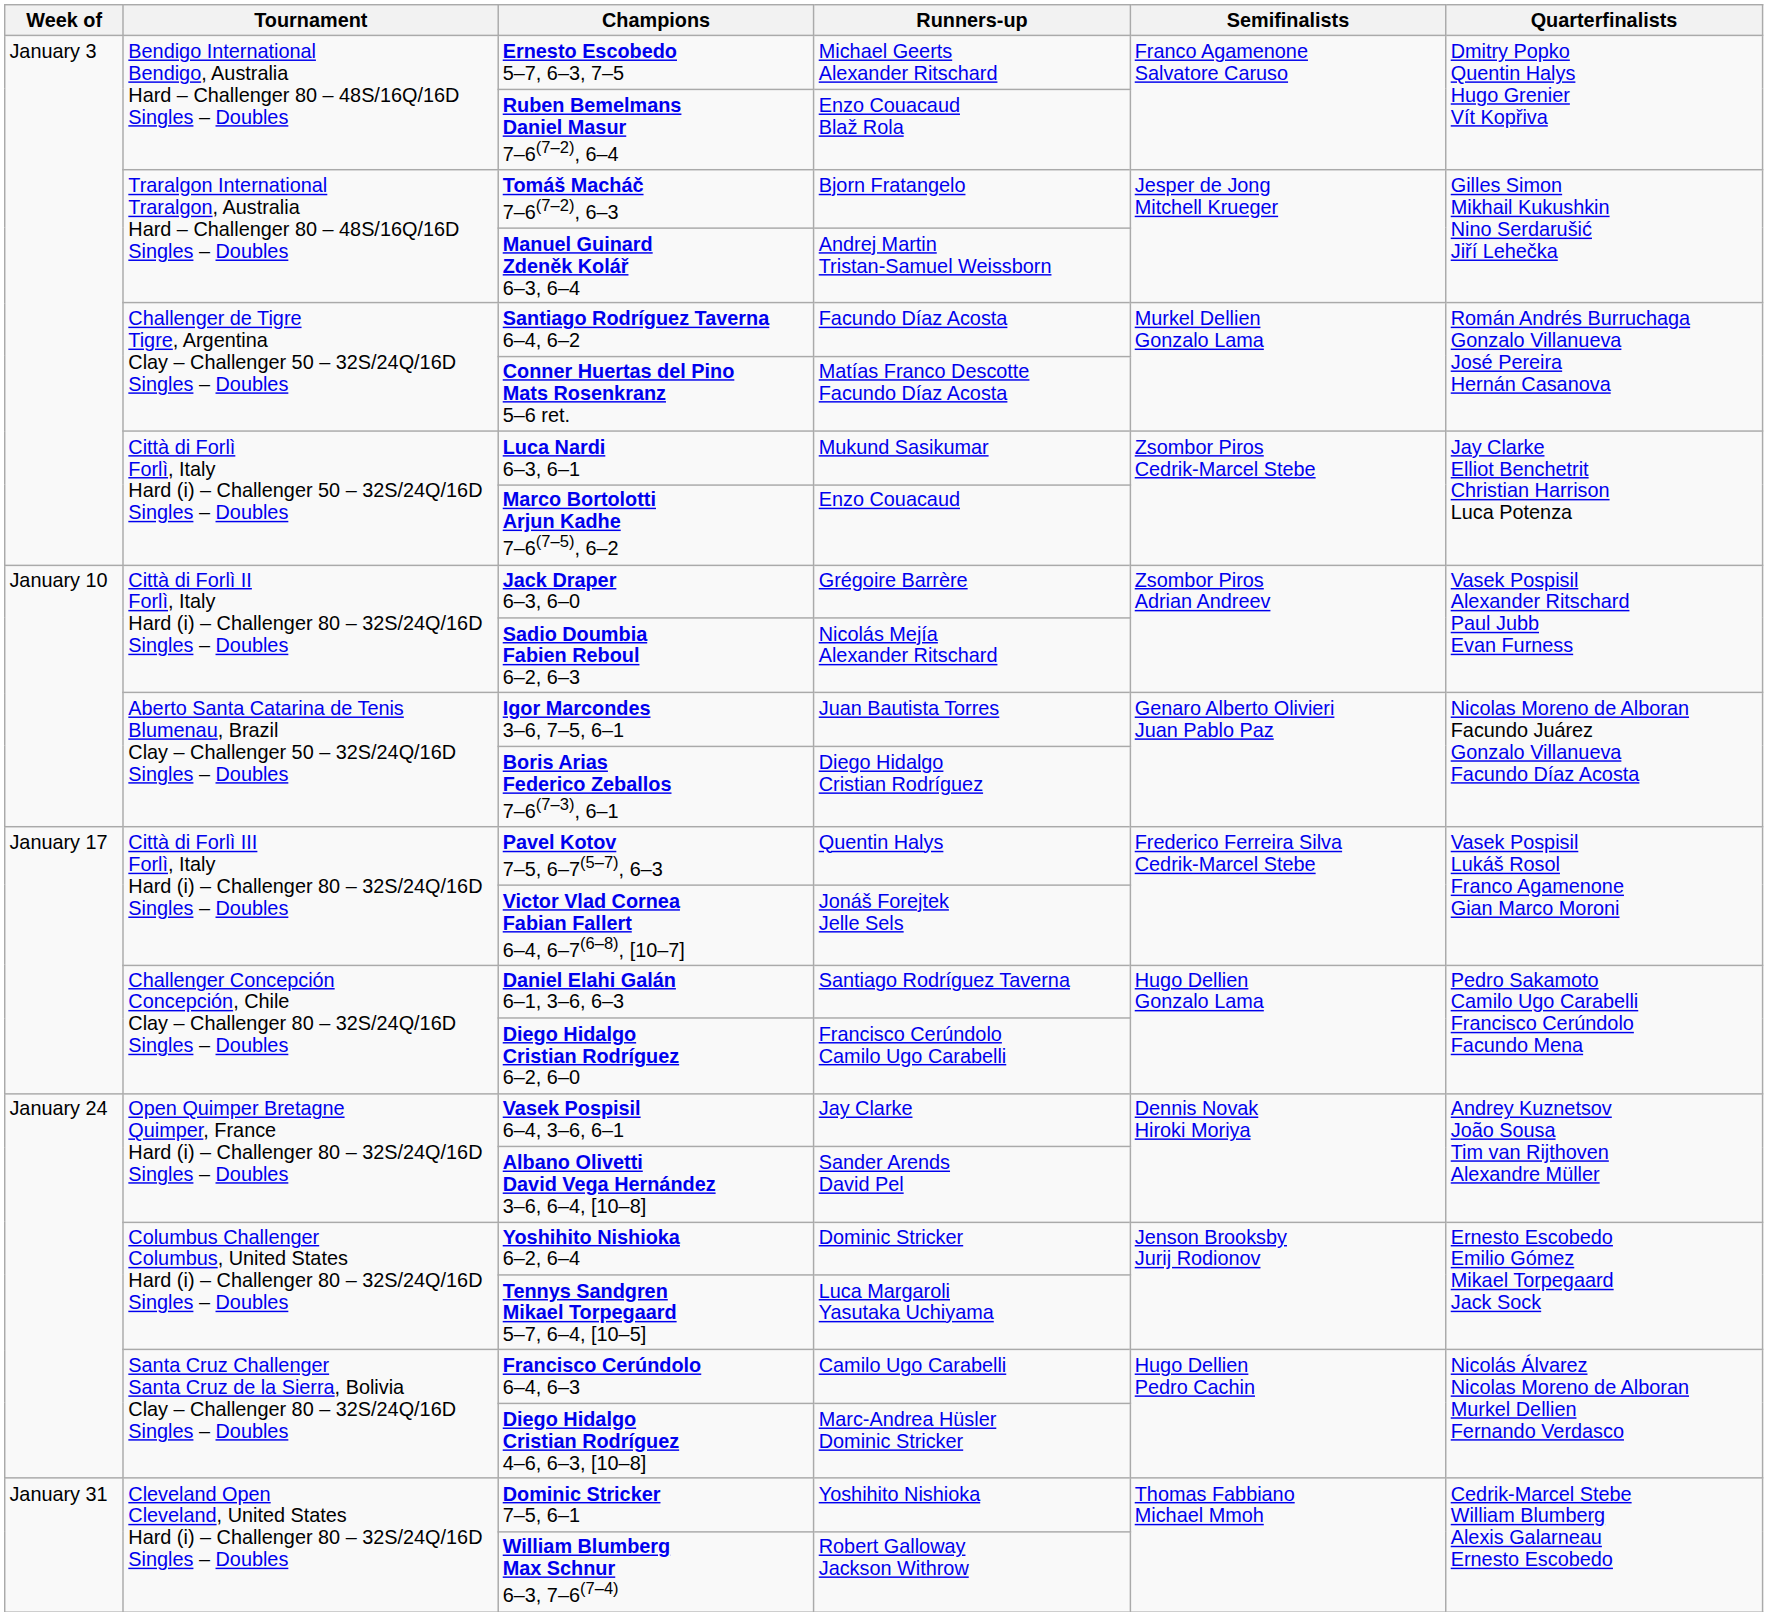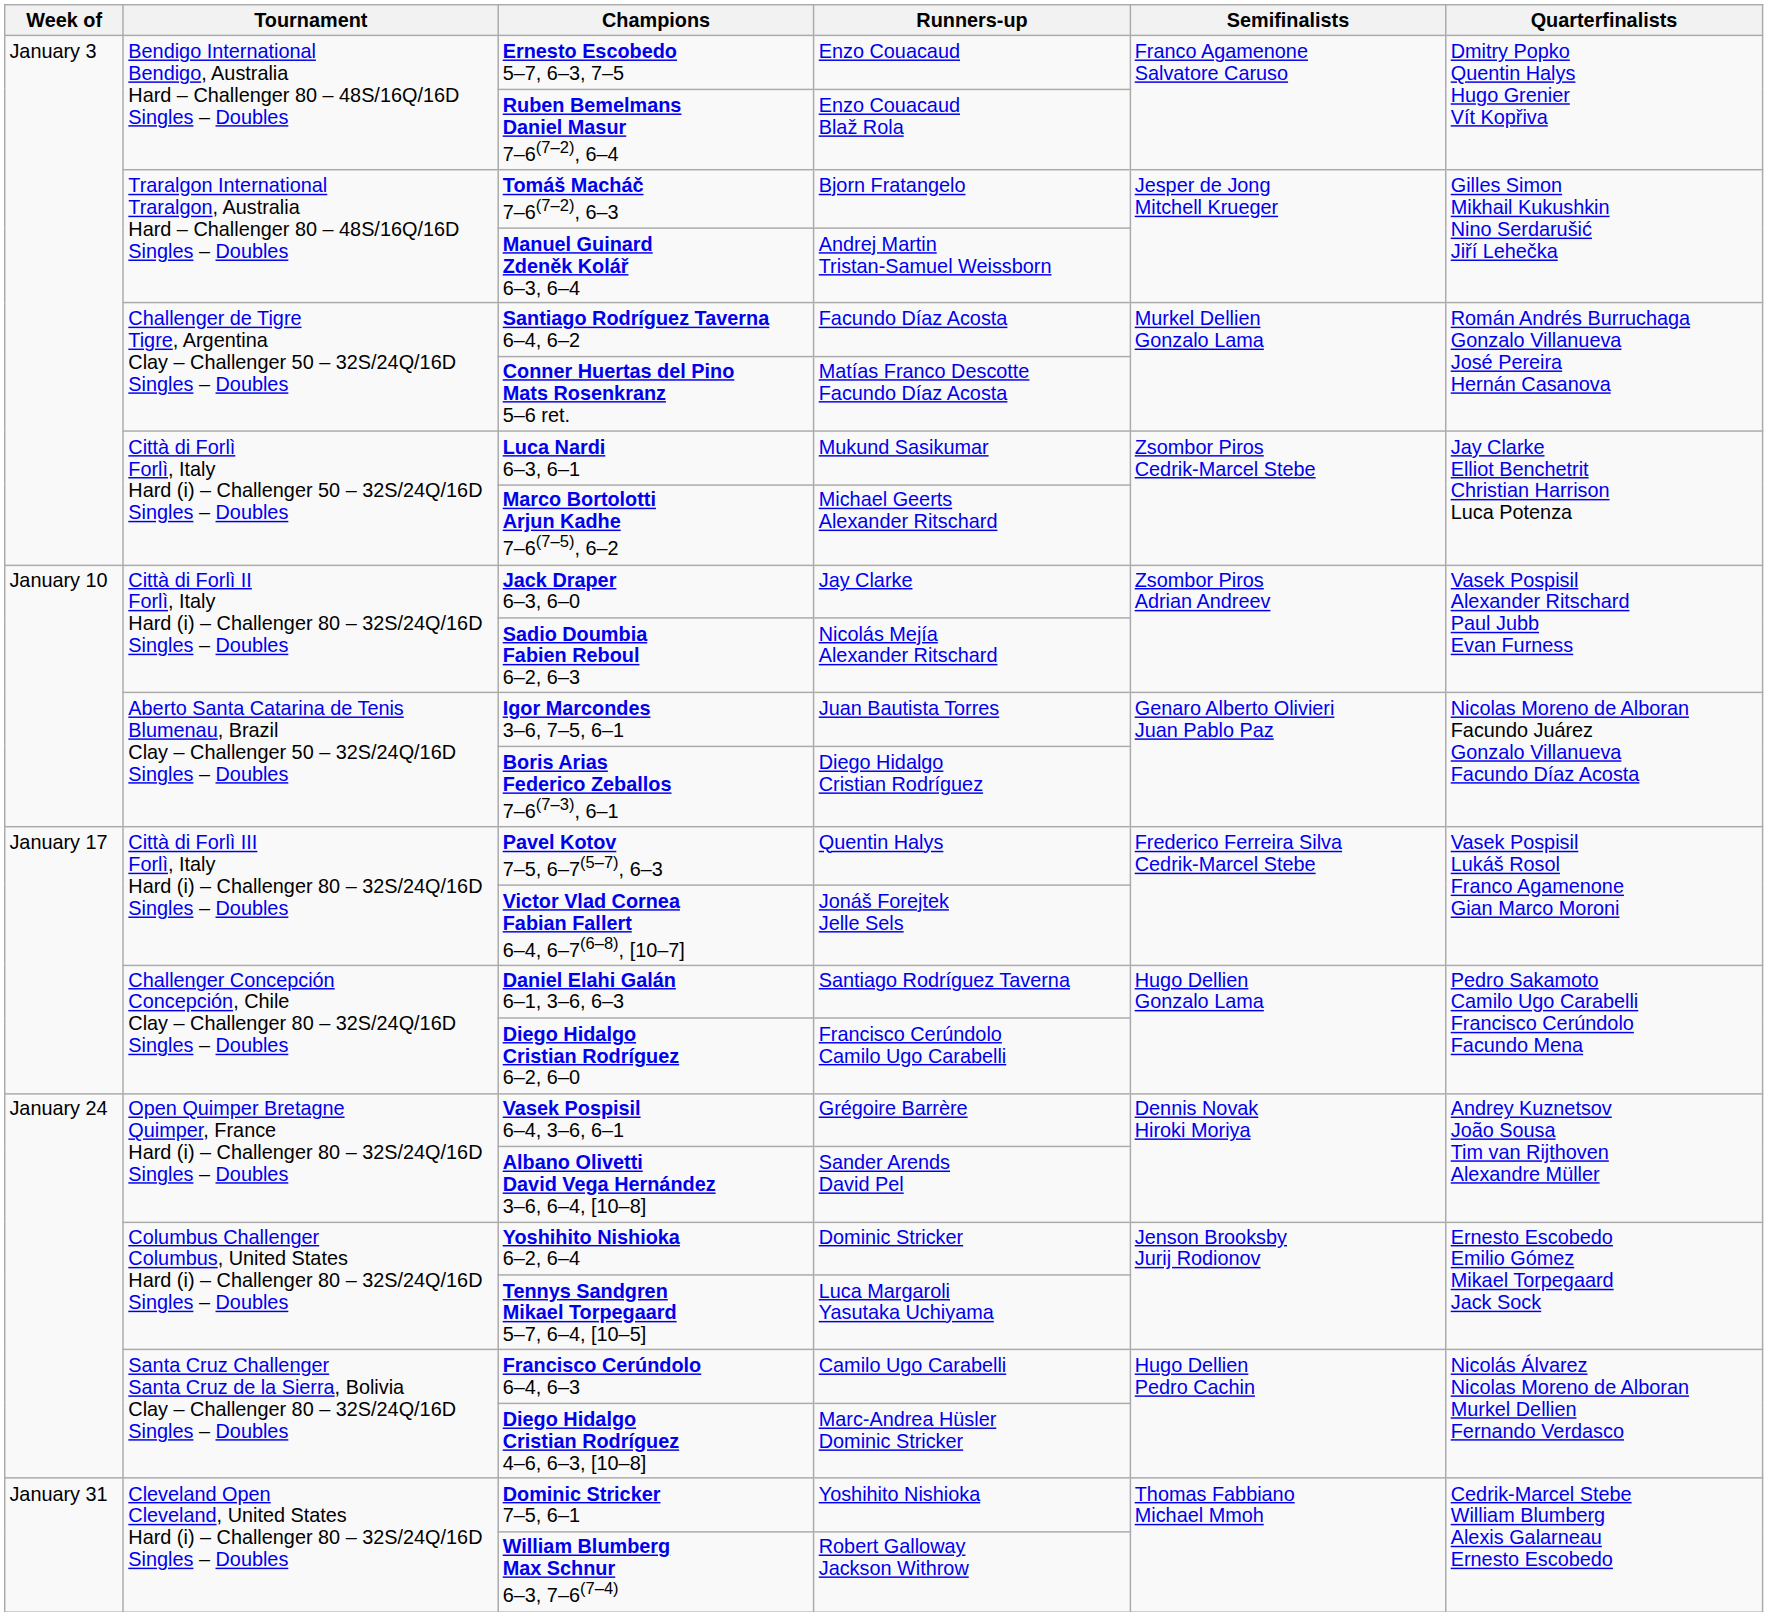 <table class="wikitable" style="font-size:85%;">
 <tr>
 <th width=75>Week of</th>
 <th width=250>Tournament</th>
 <th width=210>Champions</th>
 <th width=210>Runners-up</th>
 <th width=210>Semifinalists</th>
 <th width=210>Quarterfinalists</th>
 </tr>
 <tr valign=top>
 <td rowspan=8>January 3</td>
 <td rowspan=2><a href='#'>Bendigo International</a><br><a href='#'>Bendigo</a>, Australia <br> Hard – Challenger 80 – 48S/16Q/16D<br><a href='#'>Singles</a> – <a href='#'>Doubles</a></td>
 <td> <strong><a href='#'>Ernesto Escobedo</a></strong><br>5–7, 6–3, 7–5</td>
-<td> <a href='#'>Michael Geerts</a><br> <a href='#'>Alexander Ritschard</a></td>
+<td> <a href='#'>Enzo Couacaud</a></td>
 <td rowspan=2> <a href='#'>Franco Agamenone</a> <br>  <a href='#'>Salvatore Caruso</a></td>
 <td rowspan=2> <a href='#'>Dmitry Popko</a> <br> <a href='#'>Quentin Halys</a> <br> <a href='#'>Hugo Grenier</a> <br>  <a href='#'>Vít Kopřiva</a></td>
 </tr>
 <tr valign=top>
 <td> <strong><a href='#'>Ruben Bemelmans</a></strong><br> <strong><a href='#'>Daniel Masur</a></strong><br>7–6<sup>(7–2)</sup>, 6–4</td>
 <td> <a href='#'>Enzo Couacaud</a><br> <a href='#'>Blaž Rola</a></td>
 </tr>
 <tr valign=top>
 <td rowspan=2><a href='#'>Traralgon International</a><br><a href='#'>Traralgon</a>, Australia <br> Hard – Challenger 80 – 48S/16Q/16D<br><a href='#'>Singles</a> – <a href='#'>Doubles</a></td>
 <td> <strong><a href='#'>Tomáš Macháč</a></strong><br>7–6<sup>(7–2)</sup>, 6–3</td>
 <td> <a href='#'>Bjorn Fratangelo</a></td>
 <td rowspan=2> <a href='#'>Jesper de Jong</a> <br>  <a href='#'>Mitchell Krueger</a></td>
 <td rowspan=2> <a href='#'>Gilles Simon</a> <br> <a href='#'>Mikhail Kukushkin</a> <br> <a href='#'>Nino Serdarušić</a> <br>  <a href='#'>Jiří Lehečka</a></td>
 </tr>
 <tr valign=top>
 <td> <strong><a href='#'>Manuel Guinard</a></strong><br> <strong><a href='#'>Zdeněk Kolář</a></strong><br>6–3, 6–4</td>
 <td> <a href='#'>Andrej Martin</a><br> <a href='#'>Tristan-Samuel Weissborn</a></td>
 </tr>
 <tr valign=top>
 <td rowspan=2><a href='#'>Challenger de Tigre</a><br><a href='#'>Tigre</a>, Argentina <br> Clay – Challenger 50 – 32S/24Q/16D<br><a href='#'>Singles</a> – <a href='#'>Doubles</a></td>
 <td> <strong><a href='#'>Santiago Rodríguez Taverna</a></strong><br>6–4, 6–2</td>
 <td> <a href='#'>Facundo Díaz Acosta</a></td>
 <td rowspan=2> <a href='#'>Murkel Dellien</a> <br>  <a href='#'>Gonzalo Lama</a></td>
 <td rowspan=2> <a href='#'>Román Andrés Burruchaga</a> <br> <a href='#'>Gonzalo Villanueva</a> <br> <a href='#'>José Pereira</a> <br>  <a href='#'>Hernán Casanova</a></td>
 </tr>
 <tr valign=top>
 <td> <strong><a href='#'>Conner Huertas del Pino</a></strong><br> <strong><a href='#'>Mats Rosenkranz</a></strong><br>5–6 ret.</td>
 <td> <a href='#'>Matías Franco Descotte</a><br> <a href='#'>Facundo Díaz Acosta</a></td>
 </tr>
 <tr valign=top>
 <td rowspan=2><a href='#'>Città di Forlì</a><br><a href='#'>Forlì</a>, Italy <br> Hard (i) – Challenger 50 – 32S/24Q/16D<br><a href='#'>Singles</a> – <a href='#'>Doubles</a></td>
 <td> <strong><a href='#'>Luca Nardi</a></strong><br>6–3, 6–1</td>
 <td> <a href='#'>Mukund Sasikumar</a></td>
 <td rowspan=2> <a href='#'>Zsombor Piros</a> <br>  <a href='#'>Cedrik-Marcel Stebe</a></td>
 <td rowspan=2> <a href='#'>Jay Clarke</a> <br> <a href='#'>Elliot Benchetrit</a> <br> <a href='#'>Christian Harrison</a> <br>  Luca Potenza</td>
 </tr>
 <tr valign=top>
 <td> <strong><a href='#'>Marco Bortolotti</a></strong><br> <strong><a href='#'>Arjun Kadhe</a></strong><br>7–6<sup>(7–5)</sup>, 6–2</td>
-<td> <a href='#'>Enzo Couacaud</a></td>
+<td> <a href='#'>Michael Geerts</a><br> <a href='#'>Alexander Ritschard</a></td>
 </tr>
 <tr valign=top>
 <td rowspan=4>January 10</td>
 <td rowspan=2><a href='#'>Città di Forlì II</a><br><a href='#'>Forlì</a>, Italy <br> Hard (i) – Challenger 80 – 32S/24Q/16D<br><a href='#'>Singles</a> – <a href='#'>Doubles</a></td>
 <td> <strong><a href='#'>Jack Draper</a></strong><br>6–3, 6–0</td>
-<td> <a href='#'>Grégoire Barrère</a></td>
+<td> <a href='#'>Jay Clarke</a></td>
 <td rowspan=2> <a href='#'>Zsombor Piros</a> <br>  <a href='#'>Adrian Andreev</a></td>
 <td rowspan=2> <a href='#'>Vasek Pospisil</a> <br> <a href='#'>Alexander Ritschard</a> <br> <a href='#'>Paul Jubb</a> <br>  <a href='#'>Evan Furness</a></td>
 </tr>
 <tr valign=top>
 <td> <strong><a href='#'>Sadio Doumbia</a></strong><br> <strong><a href='#'>Fabien Reboul</a></strong><br>6–2, 6–3</td>
 <td> <a href='#'>Nicolás Mejía</a><br> <a href='#'>Alexander Ritschard</a></td>
 </tr>
 <tr valign=top>
 <td rowspan=2><a href='#'>Aberto Santa Catarina de Tenis</a><br><a href='#'>Blumenau</a>, Brazil <br> Clay – Challenger 50 – 32S/24Q/16D<br><a href='#'>Singles</a> – <a href='#'>Doubles</a></td>
 <td> <strong><a href='#'>Igor Marcondes</a></strong><br>3–6, 7–5, 6–1</td>
 <td> <a href='#'>Juan Bautista Torres</a></td>
 <td rowspan=2> <a href='#'>Genaro Alberto Olivieri</a> <br>  <a href='#'>Juan Pablo Paz</a></td>
 <td rowspan=2> <a href='#'>Nicolas Moreno de Alboran</a> <br>  Facundo Juárez <br> <a href='#'>Gonzalo Villanueva</a> <br>  <a href='#'>Facundo Díaz Acosta</a></td>
 </tr>
 <tr valign=top>
 <td> <strong><a href='#'>Boris Arias</a></strong><br> <strong><a href='#'>Federico Zeballos</a></strong><br>7–6<sup>(7–3)</sup>, 6–1</td>
 <td> <a href='#'>Diego Hidalgo</a><br> <a href='#'>Cristian Rodríguez</a></td>
 </tr>
 <tr valign=top>
 <td rowspan=4>January 17</td>
 <td rowspan=2><a href='#'>Città di Forlì III</a><br><a href='#'>Forlì</a>, Italy <br> Hard (i) – Challenger 80 – 32S/24Q/16D<br><a href='#'>Singles</a> – <a href='#'>Doubles</a></td>
 <td> <strong><a href='#'>Pavel Kotov</a></strong><br>7–5, 6–7<sup>(5–7)</sup>, 6–3</td>
 <td> <a href='#'>Quentin Halys</a></td>
 <td rowspan=2> <a href='#'>Frederico Ferreira Silva</a> <br>  <a href='#'>Cedrik-Marcel Stebe</a></td>
 <td rowspan=2> <a href='#'>Vasek Pospisil</a> <br> <a href='#'>Lukáš Rosol</a> <br> <a href='#'>Franco Agamenone</a> <br>  <a href='#'>Gian Marco Moroni</a></td>
 </tr>
 <tr valign=top>
 <td> <strong><a href='#'>Victor Vlad Cornea</a></strong><br> <strong><a href='#'>Fabian Fallert</a></strong><br>6–4, 6–7<sup>(6–8)</sup>, [10–7]</td>
 <td> <a href='#'>Jonáš Forejtek</a><br> <a href='#'>Jelle Sels</a></td>
 </tr>
 <tr valign=top>
 <td rowspan=2><a href='#'>Challenger Concepción</a><br><a href='#'>Concepción</a>, Chile <br> Clay – Challenger 80 – 32S/24Q/16D<br><a href='#'>Singles</a> – <a href='#'>Doubles</a></td>
 <td> <strong><a href='#'>Daniel Elahi Galán</a></strong><br>6–1, 3–6, 6–3</td>
 <td> <a href='#'>Santiago Rodríguez Taverna</a></td>
 <td rowspan=2> <a href='#'>Hugo Dellien</a> <br>  <a href='#'>Gonzalo Lama</a></td>
 <td rowspan=2> <a href='#'>Pedro Sakamoto</a> <br> <a href='#'>Camilo Ugo Carabelli</a> <br>  <a href='#'>Francisco Cerúndolo</a> <br>  <a href='#'>Facundo Mena</a></td>
 </tr>
 <tr valign=top>
 <td> <strong><a href='#'>Diego Hidalgo</a></strong><br> <strong><a href='#'>Cristian Rodríguez</a></strong><br>6–2, 6–0</td>
 <td> <a href='#'>Francisco Cerúndolo</a><br> <a href='#'>Camilo Ugo Carabelli</a></td>
 </tr>
 <tr valign=top>
 <td rowspan=6>January 24</td>
 <td rowspan=2><a href='#'>Open Quimper Bretagne</a><br><a href='#'>Quimper</a>,  France <br> Hard (i) – Challenger 80 – 32S/24Q/16D<br><a href='#'>Singles</a> – <a href='#'>Doubles</a></td>
 <td> <strong><a href='#'>Vasek Pospisil</a></strong><br>6–4, 3–6, 6–1</td>
-<td> <a href='#'>Jay Clarke</a></td>
+<td> <a href='#'>Grégoire Barrère</a></td>
 <td rowspan=2> <a href='#'>Dennis Novak</a> <br>  <a href='#'>Hiroki Moriya</a></td>
 <td rowspan=2> <a href='#'>Andrey Kuznetsov</a> <br> <a href='#'>João Sousa</a> <br> <a href='#'>Tim van Rijthoven</a> <br>  <a href='#'>Alexandre Müller</a></td>
 </tr>
 <tr valign=top>
 <td> <strong><a href='#'>Albano Olivetti</a></strong><br> <strong><a href='#'>David Vega Hernández</a></strong><br>3–6, 6–4, [10–8]</td>
 <td> <a href='#'>Sander Arends</a><br> <a href='#'>David Pel</a></td>
 </tr>
 <tr valign=top>
 <td rowspan=2><a href='#'>Columbus Challenger</a><br><a href='#'>Columbus</a>, United States <br> Hard (i) – Challenger 80 – 32S/24Q/16D<br><a href='#'>Singles</a> – <a href='#'>Doubles</a></td>
 <td> <strong><a href='#'>Yoshihito Nishioka</a></strong><br>6–2, 6–4</td>
 <td> <a href='#'>Dominic Stricker</a></td>
 <td rowspan=2> <a href='#'>Jenson Brooksby</a> <br>  <a href='#'>Jurij Rodionov</a></td>
 <td rowspan=2> <a href='#'>Ernesto Escobedo</a><br> <a href='#'>Emilio Gómez</a> <br> <a href='#'>Mikael Torpegaard</a> <br>  <a href='#'>Jack Sock</a></td>
 </tr>
 <tr valign=top>
 <td> <strong><a href='#'>Tennys Sandgren</a></strong><br> <strong><a href='#'>Mikael Torpegaard</a></strong><br>5–7, 6–4, [10–5]</td>
 <td> <a href='#'>Luca Margaroli</a><br> <a href='#'>Yasutaka Uchiyama</a></td>
 </tr>
 <tr valign=top>
 <td rowspan=2><a href='#'>Santa Cruz Challenger</a><br><a href='#'>Santa Cruz de la Sierra</a>, Bolivia <br> Clay – Challenger 80 – 32S/24Q/16D<br><a href='#'>Singles</a> – <a href='#'>Doubles</a></td>
 <td> <strong><a href='#'>Francisco Cerúndolo</a></strong><br>6–4, 6–3</td>
 <td> <a href='#'>Camilo Ugo Carabelli</a></td>
 <td rowspan=2> <a href='#'>Hugo Dellien</a> <br>  <a href='#'>Pedro Cachin</a></td>
 <td rowspan=2> <a href='#'>Nicolás Álvarez</a> <br> <a href='#'>Nicolas Moreno de Alboran</a> <br> <a href='#'>Murkel Dellien</a> <br>  <a href='#'>Fernando Verdasco</a></td>
 </tr>
 <tr valign=top>
 <td> <strong><a href='#'>Diego Hidalgo</a></strong><br> <strong><a href='#'>Cristian Rodríguez</a></strong><br>4–6, 6–3, [10–8]</td>
 <td> <a href='#'>Marc-Andrea Hüsler</a><br> <a href='#'>Dominic Stricker</a></td>
 </tr>
 <tr valign=top>
 <td rowspan=2>January 31</td>
 <td rowspan=2><a href='#'>Cleveland Open</a><br><a href='#'>Cleveland</a>, United States <br> Hard (i) – Challenger 80 – 32S/24Q/16D<br><a href='#'>Singles</a> – <a href='#'>Doubles</a></td>
 <td> <strong><a href='#'>Dominic Stricker</a></strong><br>7–5, 6–1</td>
 <td> <a href='#'>Yoshihito Nishioka</a></td>
 <td rowspan=2> <a href='#'>Thomas Fabbiano</a> <br>  <a href='#'>Michael Mmoh</a></td>
 <td rowspan=2> <a href='#'>Cedrik-Marcel Stebe</a> <br>  <a href='#'>William Blumberg</a> <br>  <a href='#'>Alexis Galarneau</a> <br>  <a href='#'>Ernesto Escobedo</a></td>
 </tr>
 <tr valign=top>
 <td> <strong><a href='#'>William Blumberg</a></strong><br> <strong><a href='#'>Max Schnur</a></strong><br>6–3, 7–6<sup>(7–4)</sup></td>
 <td> <a href='#'>Robert Galloway</a><br> <a href='#'>Jackson Withrow</a></td>
 </tr>
 </table>
